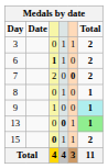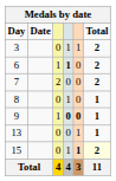 <table class="wikitable" style="font-size:85%; float:left;text-align:center">
 <tr bgcolor="#efefef">
 <th colspan=7>Medals by date</th>
 </tr>
 <tr align=center>
 <td><strong>Day</strong></td>
 <td><strong>Date</strong></td>
 <td bgcolor=#f7f6a8></td>
 <td bgcolor=#dce5e5></td>
 <td bgcolor=#ffdab9></td>
 <td><strong>Total</strong></td>
 </tr>
 <tr align=center>
 <td>3</td>
 <td></td>
 <td style="background:#F7F6A8;">0</td>
 <td style="background:#DCE5E5;">1</td>
 <td style="background:#FFDAB9;">1</td>
 <td><strong>2</strong></td>
 </tr>
 <tr align=center>
 <td>6</td>
 <td></td>
-<td style="background:#F7F6A8;"><strong>1</strong></td>
-<td style="background:#DCE5E5;">1</td>
+<td style="background:#F7F6A8;">1</td>
+<td style="background:#DCE5E5;"><strong>1</strong></td>
 <td style="background:#FFDAB9;">0</td>
 <td><strong>2</strong></td>
 </tr>
 <tr align=center>
 <td>7</td>
 <td></td>
 <td style="background:#F7F6A8;">2</td>
 <td style="background:#DCE5E5;">0</td>
-<td style="background:#FFDAB9;"><strong>0</strong></td>
+<td style="background:#FFDAB9;">0</td>
 <td><strong>2</strong></td>
 </tr>
 <tr align=center>
 <td>8</td>
 <td></td>
 <td style="background:#F7F6A8;">0</td>
 <td style="background:#DCE5E5;">1</td>
 <td style="background:#FFDAB9;">0</td>
 <td><strong>1</strong></td>
 </tr>
 <tr align=center>
 <td>9</td>
 <td></td>
 <td style="background:#F7F6A8;">1</td>
-<td style="background:#DCE5E5;">0</td>
-<td style="background:#FFDAB9;">0</td>
-<td style="background: paleturquoise;"><strong>1</strong></td>
+<td style="background:#DCE5E5;"><strong>0</strong></td>
+<td style="background:#FFDAB9;"><strong>0</strong></td>
+<td><strong>1</strong></td>
 </tr>
 <tr align=center>
 <td>13</td>
 <td></td>
 <td style="background:#F7F6A8;">0</td>
-<td style="background:#DCE5E5;"><strong>0</strong></td>
+<td style="background:#DCE5E5;">0</td>
 <td style="background:#FFDAB9;">1</td>
-<td style="background: lightgreen;"><strong>1</strong></td>
+<td><strong>1</strong></td>
 </tr>
 <tr align=center>
 <td>15</td>
 <td></td>
-<td style="background:#F7F6A8;"><strong>0</strong></td>
+<td style="background:#F7F6A8;">0</td>
 <td style="background:#DCE5E5;">1</td>
-<td style="background:#FFDAB9;">1</td>
-<td><strong>2</strong></td>
+<td style="background:#FFDAB9;"><strong>1</strong></td>
+<td style="background: lightyellow;"><strong>2</strong></td>
 </tr>
 <tr align=center>
 <th colspan=2><strong>Total</strong></th>
 <th style="background:gold;"><strong>4</strong></th>
 <th style="background:silver;"><strong>4</strong></th>
 <th style="background:#c96;"><strong>3</strong></th>
 <th>11</th>
 </tr>
 </table>
